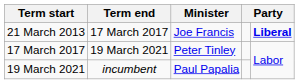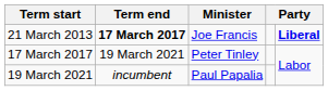 <table class="wikitable">
 <tr>
 <th>Term start</th>
 <th>Term end</th>
 <th>Minister</th>
 <th colspan="2">Party</th>
 </tr>
 <tr>
 <td align=center>21 March 2013</td>
-<td align=center>17 March 2017</td>
+<td align=center><strong>17 March 2017</strong></td>
 <td><a href='#'>Joe Francis</a></td>
 <td> </td>
 <td><strong><a href='#'>Liberal</a></strong></td>
 </tr>
 <tr>
 <td align=center>17 March 2017</td>
 <td align=center>19 March 2021</td>
 <td><a href='#'>Peter Tinley</a></td>
 <td> </td>
 <td rowspan="2"><a href='#'>Labor</a></td>
 </tr>
 <tr>
 <td align=center>19 March 2021</td>
 <td align=center><em>incumbent</em></td>
 <td><a href='#'>Paul Papalia</a></td>
 <td> </td>
 </tr>
 </table>
